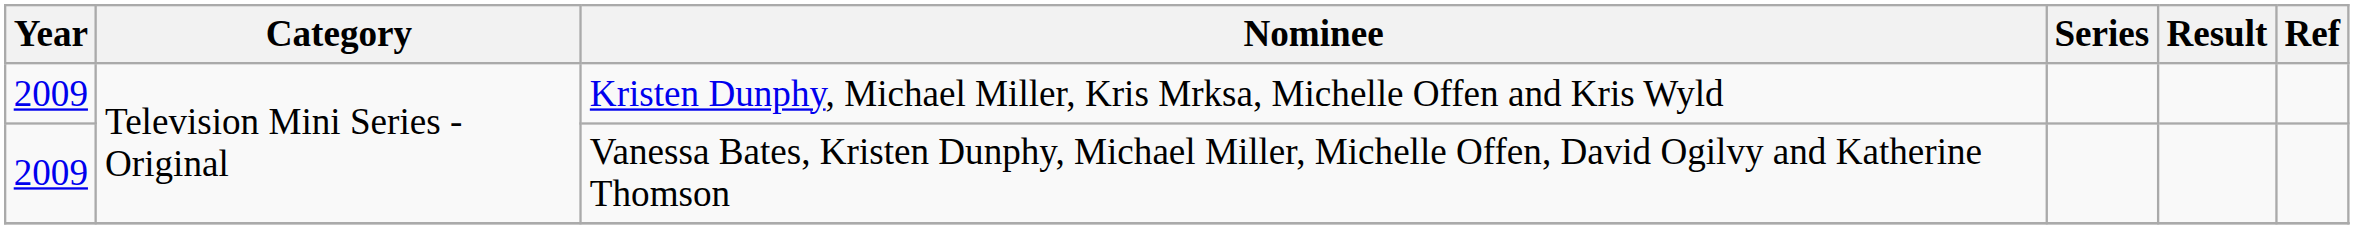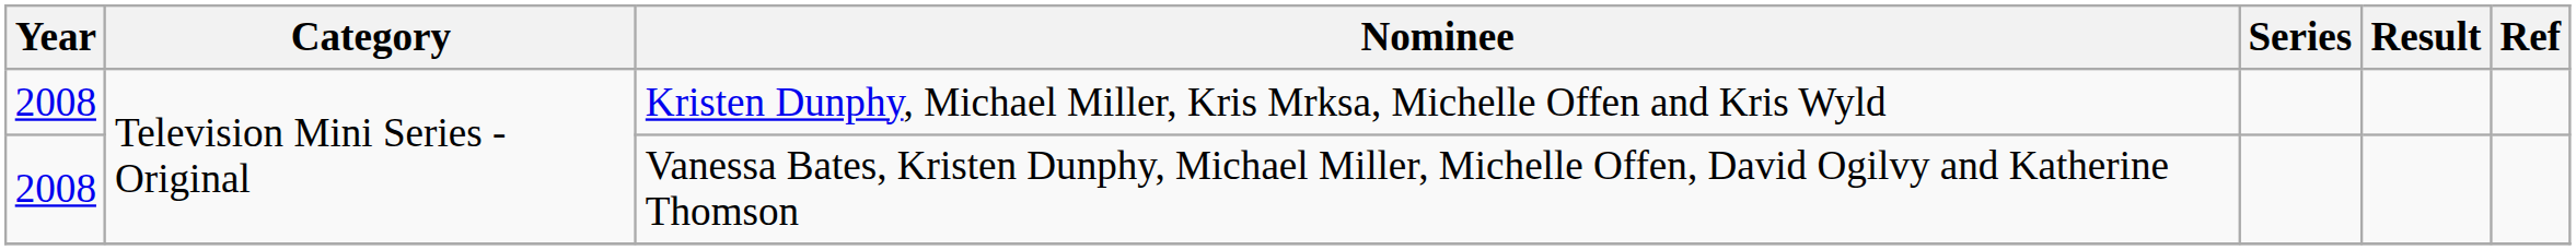 <table class="wikitable" width=80%>
 <tr>
 <th>Year</th>
 <th>Category</th>
 <th>Nominee</th>
 <th>Series</th>
 <th>Result</th>
 <th>Ref</th>
 </tr>
 <tr>
-<td align="center"><a href='#'>2009</a></td>
+<td align="center"><a href='#'>2008</a></td>
 <td rowspan=2>Television Mini Series - Original</td>
 <td><a href='#'>Kristen Dunphy</a>, Michael Miller, Kris Mrksa, Michelle Offen and Kris Wyld</td>
 <td></td>
 <td></td>
 <td align="center"></td>
 </tr>
 <tr>
-<td align="center"><a href='#'>2009</a></td>
+<td align="center"><a href='#'>2008</a></td>
 <td>Vanessa Bates, Kristen Dunphy, Michael Miller, Michelle Offen, David Ogilvy and Katherine Thomson</td>
 <td></td>
 <td></td>
 <td align="center"></td>
 </tr>
 <tr>
 </tr>
 </table>
